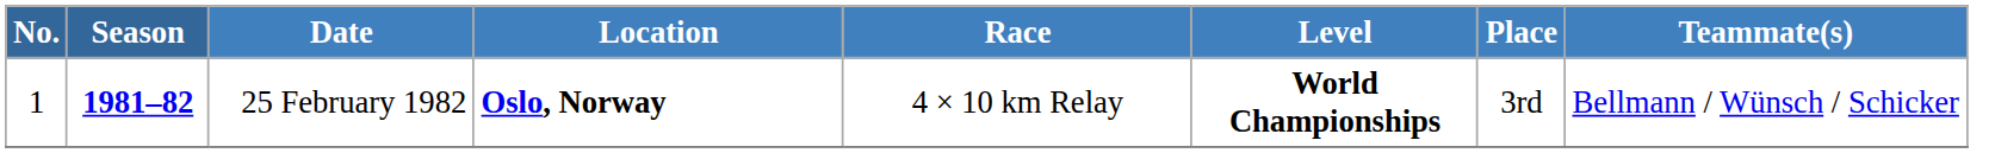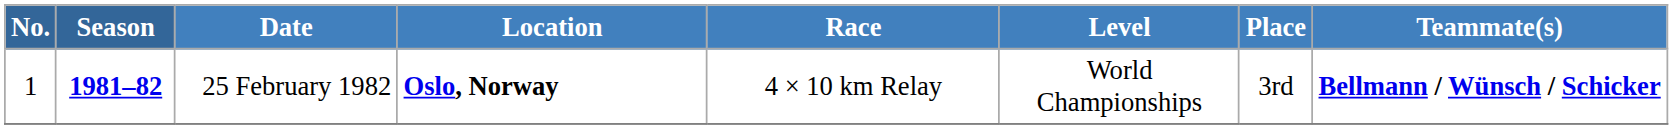 <table class="wikitable sortable" style="font-size:95%; text-align:center; border:grey solid 1px; border-collapse:collapse; background:#ffffff;">
 <tr style="background:#efefef;">
 <th style="background-color:#369; color:white;">No.</th>
 <th style="background-color:#369; color:white;">Season</th>
 <th style="background-color:#4180be; color:white; width:120px;">Date</th>
 <th style="background-color:#4180be; color:white; width:170px;">Location</th>
 <th style="background-color:#4180be; color:white; width:160px;">Race</th>
 <th style="background-color:#4180be; color:white; width:130px;">Level</th>
 <th style="background-color:#4180be; color:white;">Place</th>
 <th style="background-color:#4180be; color:white;">Teammate(s)</th>
 </tr>
 <tr>
 <td align=center>1</td>
 <td rowspan=1 align=center><strong> <a href='#'>1981–82</a> </strong></td>
 <td align=right>25 February 1982</td>
 <td align=left><strong> <a href='#'>Oslo</a>, Norway</strong></td>
 <td>4 × 10 km Relay</td>
-<td><strong>World Championships</strong></td>
+<td>World Championships</td>
 <td>3rd</td>
-<td><a href='#'>Bellmann</a> / <a href='#'>Wünsch</a> / <a href='#'>Schicker</a></td>
+<td><strong><a href='#'>Bellmann</a> / <a href='#'>Wünsch</a> / <a href='#'>Schicker</a></strong></td>
 </tr>
 <tr>
 </tr>
 </table>
